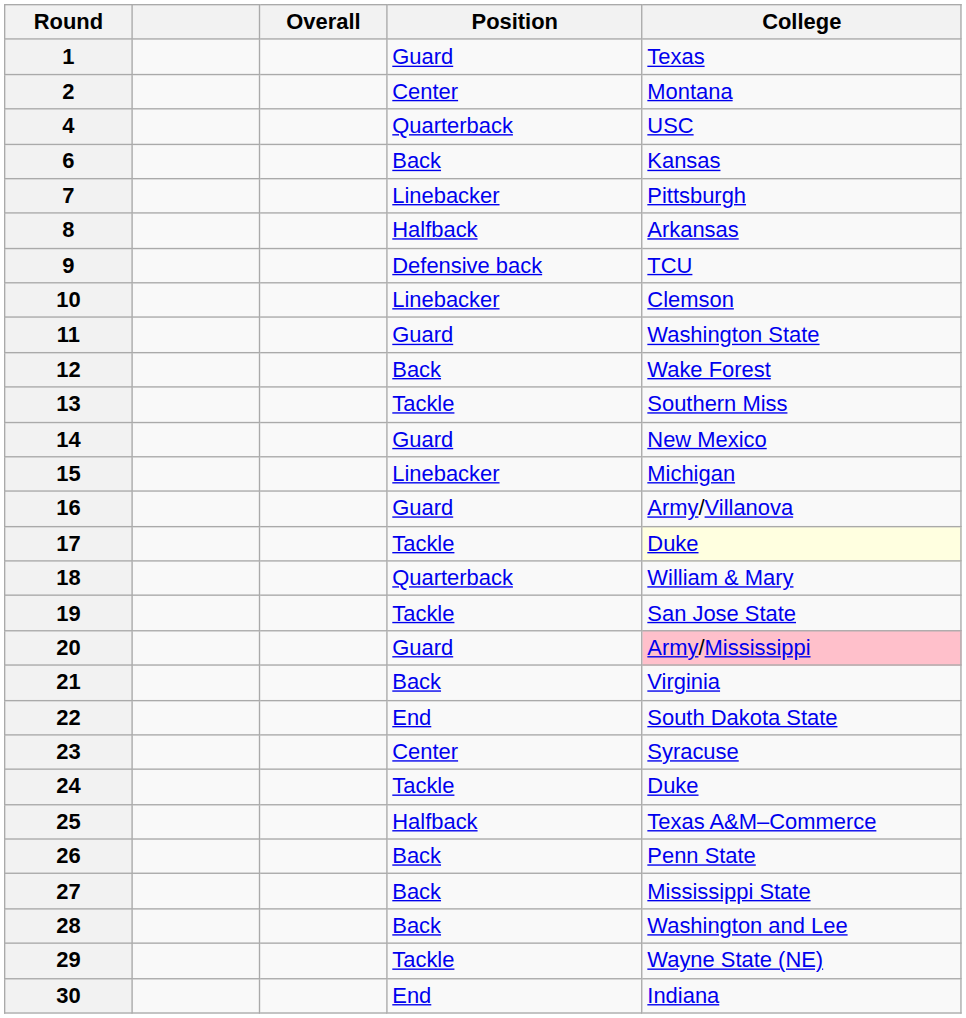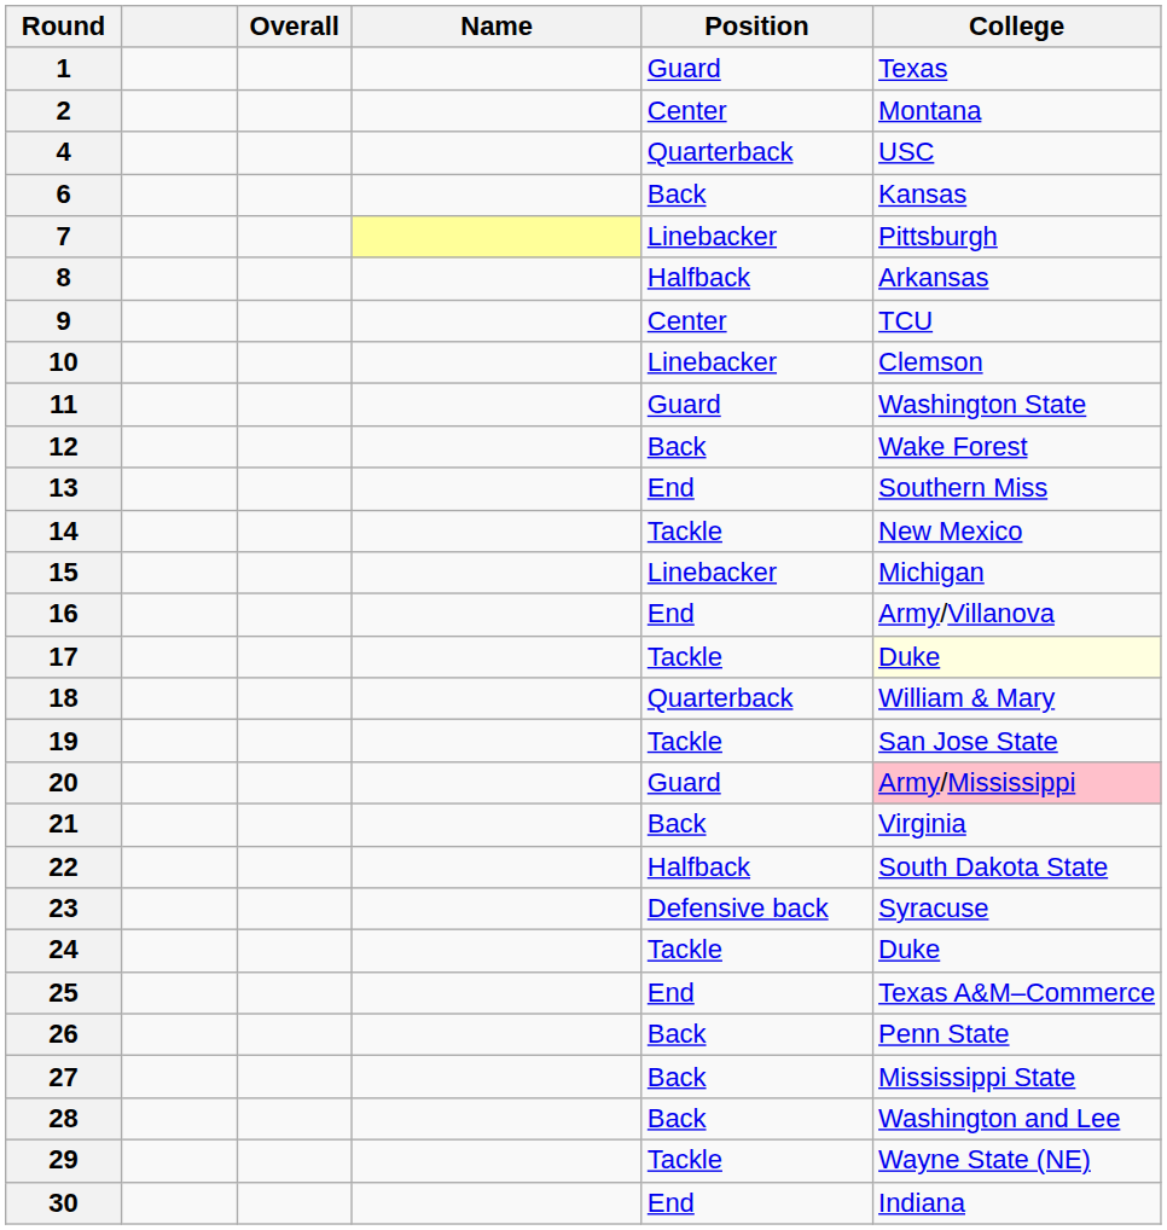 <table class="wikitable sortable">
 <tr>
 <th scope="col" style="width: 10%;">Round</th>
 <th scope="col" style="width: 10%;"></th>
 <th scope="col" style="width: 10%;">Overall</th>
+<th scope="col" style="width: 25%;">Name</th>
 <th scope="col" style="width: 20%;">Position</th>
 <th scope="col" style="width: 25%;">College</th>
 </tr>
 <tr>
 <th scope="row">1</th>
+<td></td>
 <td></td>
 <td></td>
 <td><a href='#'>Guard</a></td>
 <td><a href='#'>Texas</a></td>
 </tr>
 <tr>
 <th scope="row">2</th>
 <td></td>
 <td></td>
+<td></td>
 <td><a href='#'>Center</a></td>
 <td><a href='#'>Montana</a></td>
 </tr>
 <tr>
 <th scope="row">4</th>
+<td></td>
 <td></td>
 <td></td>
 <td><a href='#'>Quarterback</a></td>
 <td><a href='#'>USC</a></td>
 </tr>
 <tr>
 <th scope="row">6</th>
 <td></td>
 <td></td>
+<td></td>
 <td><a href='#'>Back</a></td>
 <td><a href='#'>Kansas</a></td>
 </tr>
 <tr>
 <th scope="row">7</th>
 <td></td>
 <td></td>
+<td style="background-color: #FFFF99;"> </td>
 <td><a href='#'>Linebacker</a></td>
 <td><a href='#'>Pittsburgh</a></td>
 </tr>
 <tr>
 <th scope="row">8</th>
+<td></td>
 <td></td>
 <td></td>
 <td><a href='#'>Halfback</a></td>
 <td><a href='#'>Arkansas</a></td>
 </tr>
 <tr>
 <th scope="row">9</th>
 <td></td>
 <td></td>
-<td><a href='#'>Defensive back</a></td>
+<td></td>
+<td><a href='#'>Center</a></td>
 <td><a href='#'>TCU</a></td>
 </tr>
 <tr>
 <th scope="row">10</th>
+<td></td>
 <td></td>
 <td></td>
 <td><a href='#'>Linebacker</a></td>
 <td><a href='#'>Clemson</a></td>
 </tr>
 <tr>
 <th scope="row">11</th>
 <td></td>
 <td></td>
+<td></td>
 <td><a href='#'>Guard</a></td>
 <td><a href='#'>Washington State</a></td>
 </tr>
 <tr>
 <th scope="row">12</th>
+<td></td>
 <td></td>
 <td></td>
 <td><a href='#'>Back</a></td>
 <td><a href='#'>Wake Forest</a></td>
 </tr>
 <tr>
 <th scope="row">13</th>
 <td></td>
 <td></td>
-<td><a href='#'>Tackle</a></td>
+<td></td>
+<td><a href='#'>End</a></td>
 <td><a href='#'>Southern Miss</a></td>
 </tr>
 <tr>
 <th scope="row">14</th>
 <td></td>
 <td></td>
-<td><a href='#'>Guard</a></td>
+<td></td>
+<td><a href='#'>Tackle</a></td>
 <td><a href='#'>New Mexico</a></td>
 </tr>
 <tr>
 <th scope="row">15</th>
+<td></td>
 <td></td>
 <td></td>
 <td><a href='#'>Linebacker</a></td>
 <td><a href='#'>Michigan</a></td>
 </tr>
 <tr>
 <th scope="row">16</th>
 <td></td>
 <td></td>
-<td><a href='#'>Guard</a></td>
+<td></td>
+<td><a href='#'>End</a></td>
 <td><a href='#'>Army</a>/<a href='#'>Villanova</a></td>
 </tr>
 <tr>
 <th scope="row">17</th>
+<td></td>
 <td></td>
 <td></td>
 <td><a href='#'>Tackle</a></td>
 <td style="background: lightyellow;"><a href='#'>Duke</a></td>
 </tr>
 <tr>
 <th scope="row">18</th>
 <td></td>
 <td></td>
+<td></td>
 <td><a href='#'>Quarterback</a></td>
 <td><a href='#'>William & Mary</a></td>
 </tr>
 <tr>
 <th scope="row">19</th>
+<td></td>
 <td></td>
 <td></td>
 <td><a href='#'>Tackle</a></td>
 <td><a href='#'>San Jose State</a></td>
 </tr>
 <tr>
 <th scope="row">20</th>
 <td></td>
 <td></td>
+<td></td>
 <td><a href='#'>Guard</a></td>
 <td style="background: pink;"><a href='#'>Army</a>/<a href='#'>Mississippi</a></td>
 </tr>
 <tr>
 <th scope="row">21</th>
+<td></td>
 <td></td>
 <td></td>
 <td><a href='#'>Back</a></td>
 <td><a href='#'>Virginia</a></td>
 </tr>
 <tr>
 <th scope="row">22</th>
 <td></td>
 <td></td>
-<td><a href='#'>End</a></td>
+<td></td>
+<td><a href='#'>Halfback</a></td>
 <td><a href='#'>South Dakota State</a></td>
 </tr>
 <tr>
 <th scope="row">23</th>
 <td></td>
 <td></td>
-<td><a href='#'>Center</a></td>
+<td></td>
+<td><a href='#'>Defensive back</a></td>
 <td><a href='#'>Syracuse</a></td>
 </tr>
 <tr>
 <th scope="row">24</th>
+<td></td>
 <td></td>
 <td></td>
 <td><a href='#'>Tackle</a></td>
 <td><a href='#'>Duke</a></td>
 </tr>
 <tr>
 <th scope="row">25</th>
 <td></td>
 <td></td>
-<td><a href='#'>Halfback</a></td>
+<td></td>
+<td><a href='#'>End</a></td>
 <td><a href='#'>Texas A&M–Commerce</a></td>
 </tr>
 <tr>
 <th scope="row">26</th>
+<td></td>
 <td></td>
 <td></td>
 <td><a href='#'>Back</a></td>
 <td><a href='#'>Penn State</a></td>
 </tr>
 <tr>
 <th scope="row">27</th>
 <td></td>
 <td></td>
+<td></td>
 <td><a href='#'>Back</a></td>
 <td><a href='#'>Mississippi State</a></td>
 </tr>
 <tr>
 <th scope="row">28</th>
+<td></td>
 <td></td>
 <td></td>
 <td><a href='#'>Back</a></td>
 <td><a href='#'>Washington and Lee</a></td>
 </tr>
 <tr>
 <th scope="row">29</th>
 <td></td>
 <td></td>
+<td></td>
 <td><a href='#'>Tackle</a></td>
 <td><a href='#'>Wayne State (NE)</a></td>
 </tr>
 <tr>
 <th scope="row">30</th>
 <td></td>
 <td></td>
+<td></td>
 <td><a href='#'>End</a></td>
 <td><a href='#'>Indiana</a></td>
 </tr>
 </table>
